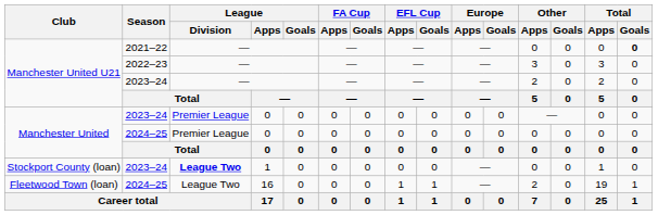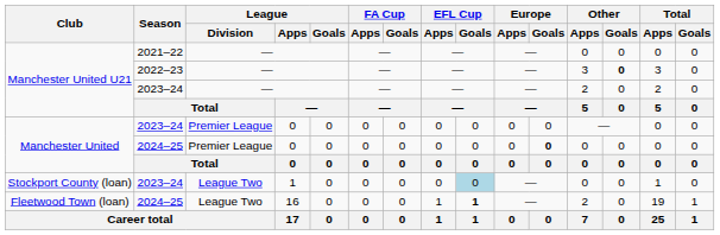 <table class="wikitable" style="text-align: center;">
 <tr>
 <th rowspan="2">Club</th>
 <th rowspan="2">Season</th>
 <th colspan="3">League</th>
 <th colspan="2"><a href='#'>FA Cup</a></th>
 <th colspan="2"><a href='#'>EFL Cup</a></th>
 <th colspan="2">Europe</th>
 <th colspan="2">Other</th>
 <th colspan="2">Total</th>
 </tr>
 <tr>
 <th>Division</th>
 <th>Apps</th>
 <th>Goals</th>
 <th>Apps</th>
 <th>Goals</th>
 <th>Apps</th>
 <th>Goals</th>
 <th>Apps</th>
 <th>Goals</th>
 <th>Apps</th>
 <th>Goals</th>
 <th>Apps</th>
 <th>Goals</th>
 </tr>
 <tr>
 <td rowspan="4"><a href='#'>Manchester United U21</a></td>
 <td>2021–22</td>
 <td colspan="3">—</td>
 <td colspan="2">—</td>
 <td colspan="2">—</td>
 <td colspan="2">—</td>
 <td>0</td>
 <td>0</td>
 <td>0</td>
-<td><strong>0</strong></td>
+<td>0</td>
 </tr>
 <tr>
 <td>2022–23</td>
 <td colspan="3">—</td>
 <td colspan="2">—</td>
 <td colspan="2">—</td>
 <td colspan="2">—</td>
 <td>3</td>
-<td>0</td>
+<td><strong>0</strong></td>
 <td>3</td>
 <td>0</td>
 </tr>
 <tr>
 <td>2023–24</td>
 <td colspan="3">—</td>
 <td colspan="2">—</td>
 <td colspan="2">—</td>
 <td colspan="2">—</td>
 <td>2</td>
 <td>0</td>
 <td>2</td>
 <td>0</td>
 </tr>
 <tr>
 <th colspan="2">Total</th>
 <th colspan="2">—</th>
 <th colspan="2">—</th>
 <th colspan="2">—</th>
 <th colspan="2">—</th>
 <th>5</th>
 <th>0</th>
 <th>5</th>
 <th>0</th>
 </tr>
 <tr>
 <td rowspan="3"><a href='#'>Manchester United</a></td>
 <td><a href='#'>2023–24</a></td>
 <td><a href='#'>Premier League</a></td>
 <td>0</td>
 <td>0</td>
 <td>0</td>
 <td>0</td>
 <td>0</td>
 <td>0</td>
 <td>0</td>
 <td>0</td>
 <td colspan="2">—</td>
 <td>0</td>
 <td>0</td>
 </tr>
 <tr>
 <td><a href='#'>2024–25</a></td>
 <td>Premier League</td>
 <td>0</td>
 <td>0</td>
 <td>0</td>
 <td>0</td>
 <td>0</td>
 <td>0</td>
 <td>0</td>
-<td>0</td>
+<td><strong>0</strong></td>
 <td>0</td>
 <td>0</td>
 <td>0</td>
 <td>0</td>
 </tr>
 <tr>
 <th colspan="2">Total</th>
 <th>0</th>
 <th>0</th>
 <th>0</th>
 <th>0</th>
 <th>0</th>
 <th>0</th>
 <th>0</th>
 <th>0</th>
 <th>0</th>
 <th>0</th>
 <th>0</th>
 <th>0</th>
 </tr>
 <tr>
 <td><a href='#'>Stockport County</a> (loan)</td>
 <td><a href='#'>2023–24</a></td>
-<td><strong><a href='#'>League Two</a></strong></td>
+<td><a href='#'>League Two</a></td>
 <td>1</td>
 <td>0</td>
 <td>0</td>
 <td>0</td>
 <td>0</td>
-<td>0</td>
+<td style="background: lightblue;">0</td>
 <td colspan="2">—</td>
 <td>0</td>
 <td>0</td>
 <td>1</td>
 <td>0</td>
 </tr>
 <tr>
 <td><a href='#'>Fleetwood Town</a> (loan)</td>
 <td><a href='#'>2024–25</a></td>
 <td>League Two</td>
 <td>16</td>
 <td>0</td>
 <td>0</td>
 <td>0</td>
 <td>1</td>
-<td>1</td>
+<td><strong>1</strong></td>
 <td colspan="2">—</td>
 <td>2</td>
 <td>0</td>
 <td>19</td>
 <td>1</td>
 </tr>
 <tr>
 <th colspan="3">Career total</th>
 <th>17</th>
 <th>0</th>
 <th>0</th>
 <th>0</th>
 <th>1</th>
 <th>1</th>
 <th>0</th>
 <th>0</th>
 <th>7</th>
 <th>0</th>
 <th>25</th>
 <th>1</th>
 </tr>
 </table>
